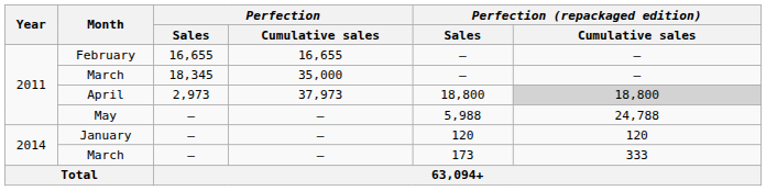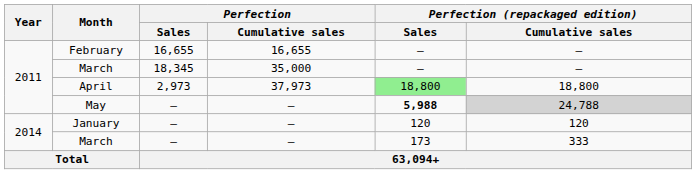 <table class="wikitable" style="text-align:center; width:800px">
 <tr>
 <th rowspan=2>Year</th>
 <th rowspan=2>Month</th>
 <th colspan=2><em> Perfection</em> </th>
 <th colspan=3><em> Perfection</em>  <em>(repackaged edition)</em></th>
 </tr>
 <tr>
 <th>Sales</th>
 <th>Cumulative sales</th>
 <th>Sales</th>
 <th>Cumulative sales</th>
 </tr>
 <tr>
 <td rowspan=4>2011</td>
 <td>February</td>
 <td>16,655</td>
 <td>16,655</td>
 <td>–</td>
 <td>–</td>
 </tr>
 <tr>
 <td>March</td>
 <td>18,345</td>
 <td>35,000</td>
 <td>–</td>
 <td>–</td>
 </tr>
 <tr>
 <td>April</td>
 <td>2,973</td>
 <td>37,973</td>
+<td style="background: lightgreen;">18,800</td>
 <td>18,800</td>
-<td style="background: lightgrey;">18,800</td>
 </tr>
 <tr>
 <td>May</td>
 <td>–</td>
 <td>–</td>
-<td>5,988</td>
-<td>24,788</td>
+<td><strong>5,988</strong></td>
+<td style="background: lightgrey;">24,788</td>
 </tr>
 <tr>
 <td rowspan=2>2014</td>
 <td>January</td>
 <td>–</td>
 <td>–</td>
 <td>120</td>
 <td>120</td>
 </tr>
 <tr>
 <td>March</td>
 <td>–</td>
 <td>–</td>
 <td>173</td>
 <td>333</td>
 </tr>
 <tr>
 <th colspan=2>Total</th>
 <th colspan=7>63,094+</th>
 </tr>
 </table>
